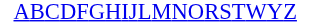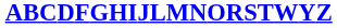 <table id="toc" class="toc" summary="Class" align="center" style="text-align:center;">
 <tr>
 <th></th>
 </tr>
 <tr>
-<td><a href='#'>A</a><a href='#'>B</a><a href='#'>C</a><a href='#'>D</a><a href='#'>F</a><a href='#'>G</a><a href='#'>H</a><a href='#'>I</a><a href='#'>J</a><a href='#'>L</a><a href='#'>M</a><a href='#'>N</a><a href='#'>O</a><a href='#'>R</a><a href='#'>S</a><a href='#'>T</a><a href='#'>W</a><a href='#'>Y</a><a href='#'>Z</a></td>
+<td><strong><a href='#'>A</a><a href='#'>B</a><a href='#'>C</a><a href='#'>D</a><a href='#'>F</a><a href='#'>G</a><a href='#'>H</a><a href='#'>I</a><a href='#'>J</a><a href='#'>L</a><a href='#'>M</a><a href='#'>N</a><a href='#'>O</a><a href='#'>R</a><a href='#'>S</a><a href='#'>T</a><a href='#'>W</a><a href='#'>Y</a><a href='#'>Z</a></strong></td>
 </tr>
 </table>
